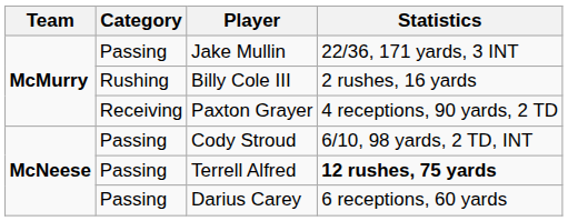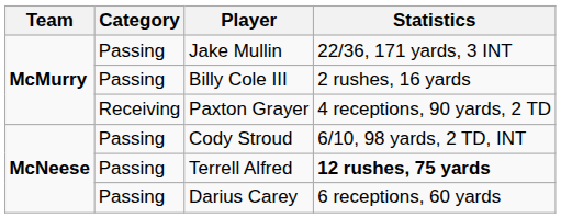 <table class="wikitable" style="float: left;">
 <tr>
 <th>Team</th>
 <th>Category</th>
 <th>Player</th>
 <th>Statistics</th>
 </tr>
 <tr>
 <td rowspan=3><strong>McMurry</strong></td>
 <td>Passing</td>
 <td>Jake Mullin</td>
 <td>22/36, 171 yards, 3 INT</td>
 </tr>
 <tr>
-<td>Rushing</td>
+<td>Passing</td>
 <td>Billy Cole III</td>
 <td>2 rushes, 16 yards</td>
 </tr>
 <tr>
 <td>Receiving</td>
 <td>Paxton Grayer</td>
 <td>4 receptions, 90 yards, 2 TD</td>
 </tr>
 <tr>
 <td rowspan=3><strong>McNeese</strong></td>
 <td>Passing</td>
 <td>Cody Stroud</td>
 <td>6/10, 98 yards, 2 TD, INT</td>
 </tr>
 <tr>
 <td>Passing</td>
 <td>Terrell Alfred</td>
 <td><strong>12 rushes, 75 yards</strong></td>
 </tr>
 <tr>
 <td>Passing</td>
 <td>Darius Carey</td>
 <td>6 receptions, 60 yards</td>
 </tr>
 </table>
